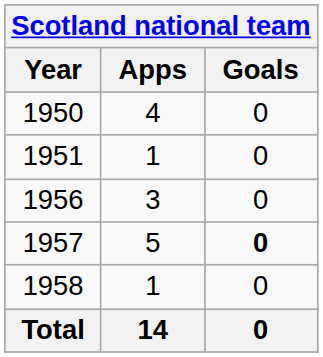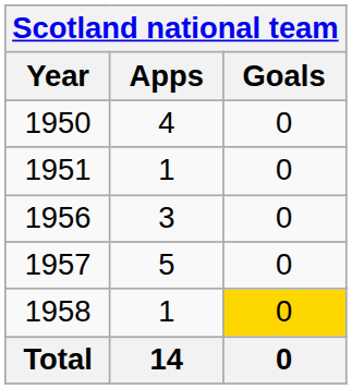 <table class="wikitable" style="text-align:center">
 <tr>
 <th colspan=3><a href='#'>Scotland national team</a></th>
 </tr>
 <tr>
 <th>Year</th>
 <th>Apps</th>
 <th>Goals</th>
 </tr>
 <tr>
 <td>1950</td>
 <td>4</td>
 <td>0</td>
 </tr>
 <tr>
 <td>1951</td>
 <td>1</td>
 <td>0</td>
 </tr>
 <tr>
 <td>1956</td>
 <td>3</td>
 <td>0</td>
 </tr>
 <tr>
 <td>1957</td>
 <td>5</td>
-<td><strong>0</strong></td>
+<td>0</td>
 </tr>
 <tr>
 <td>1958</td>
 <td>1</td>
-<td>0</td>
+<td style="background: gold;">0</td>
 </tr>
 <tr>
 <th>Total</th>
 <th>14</th>
 <th>0</th>
 </tr>
 </table>
